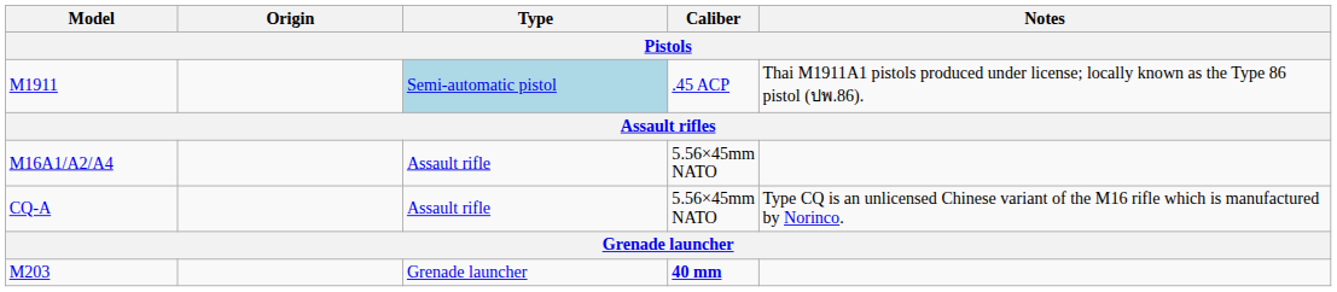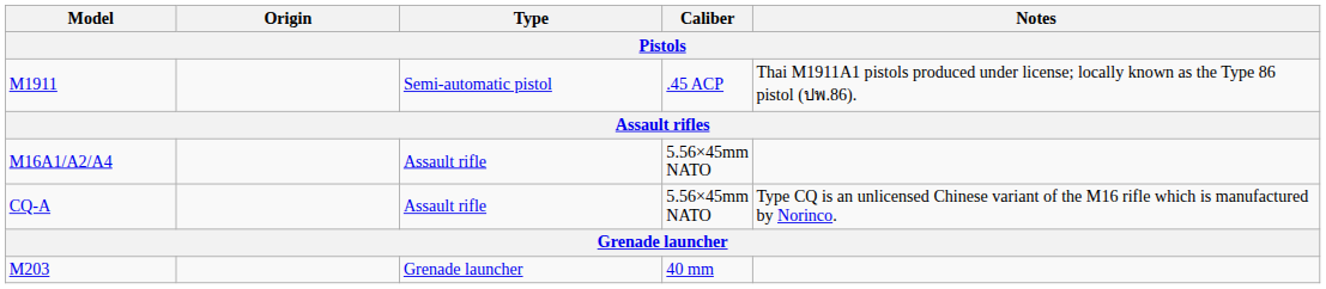 <table class="wikitable">
 <tr>
 <th style="width:13%;">Model</th>
 <th style="width:17%;">Origin</th>
 <th style="width:20%;">Type</th>
 <th style="width:5%;">Caliber</th>
 <th>Notes</th>
 </tr>
 <tr>
 <th colspan="6"><a href='#'>Pistols</a></th>
 </tr>
 <tr>
 <td><a href='#'>M1911</a></td>
 <td><br></td>
-<td style="background: lightblue;"><a href='#'>Semi-automatic pistol</a></td>
+<td><a href='#'>Semi-automatic pistol</a></td>
 <td><a href='#'>.45 ACP</a></td>
 <td>Thai M1911A1 pistols produced under license; locally known as the Type 86 pistol (ปพ.86).</td>
 </tr>
 <tr>
 <th colspan="6"><a href='#'>Assault rifles</a></th>
 </tr>
 <tr>
 <td><a href='#'>M16A1/A2/A4</a></td>
 <td><br></td>
 <td><a href='#'>Assault rifle</a></td>
 <td>5.56×45mm NATO</td>
 <td></td>
 </tr>
 <tr>
 <td><a href='#'>CQ-A</a></td>
 <td></td>
 <td><a href='#'>Assault rifle</a></td>
 <td>5.56×45mm NATO</td>
 <td>Type CQ is an unlicensed Chinese variant of the M16 rifle which is manufactured by <a href='#'>Norinco</a>.</td>
 </tr>
 <tr>
 <th colspan="6"><a href='#'>Grenade launcher</a></th>
 </tr>
 <tr>
 <td><a href='#'>M203</a></td>
 <td></td>
 <td><a href='#'>Grenade launcher</a></td>
-<td><strong><a href='#'>40 mm</a></strong></td>
+<td><a href='#'>40 mm</a></td>
 <td></td>
 </tr>
 </table>
